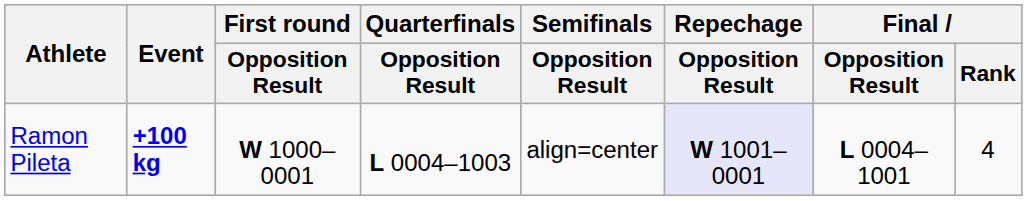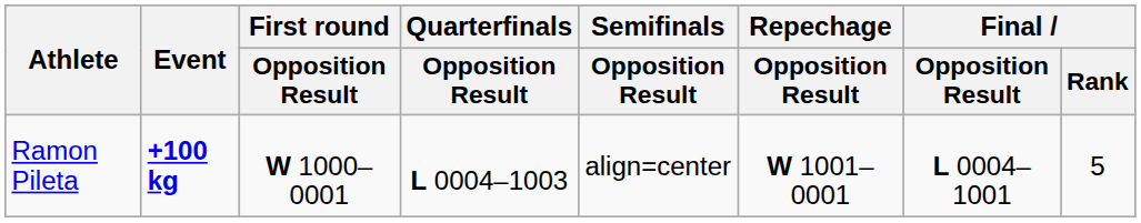 <table class="wikitable" style="font-size:90%">
 <tr>
 <th rowspan=2>Athlete</th>
 <th rowspan=2>Event</th>
 <th>First round</th>
 <th>Quarterfinals</th>
 <th>Semifinals</th>
 <th>Repechage</th>
 <th colspan=2>Final / </th>
 </tr>
 <tr style="font-size:95%">
 <th>Opposition<br>Result</th>
 <th>Opposition<br>Result</th>
 <th>Opposition<br>Result</th>
 <th>Opposition<br>Result</th>
 <th>Opposition<br>Result</th>
 <th>Rank</th>
 </tr>
 <tr align=center>
 <td align=left><a href='#'>Ramon Pileta</a></td>
 <td align=left><strong><a href='#'>+100 kg</a></strong></td>
 <td><br><strong>W</strong> 1000–0001</td>
 <td><br><strong>L</strong> 0004–1003</td>
 <td>align=center </td>
-<td style="background: lavender;"><br><strong>W</strong> 1001–0001</td>
+<td><br><strong>W</strong> 1001–0001</td>
 <td><br><strong>L</strong> 0004–1001</td>
-<td>4</td>
+<td>5</td>
 </tr>
 </table>
